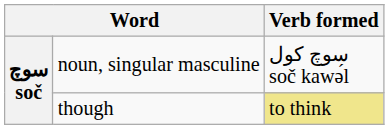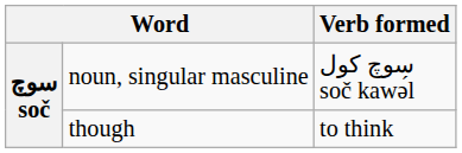 <table class="wikitable">
 <tr>
 <th colspan="2">Word</th>
 <th>Verb formed</th>
 </tr>
 <tr>
 <th rowspan="2">سوچ<br>soč</th>
 <td>noun, singular masculine</td>
 <td>سوچ کول<br>soč kawә́l</td>
 </tr>
 <tr>
 <td>though</td>
-<td style="background: khaki;">to think</td>
+<td>to think</td>
 </tr>
 </table>
